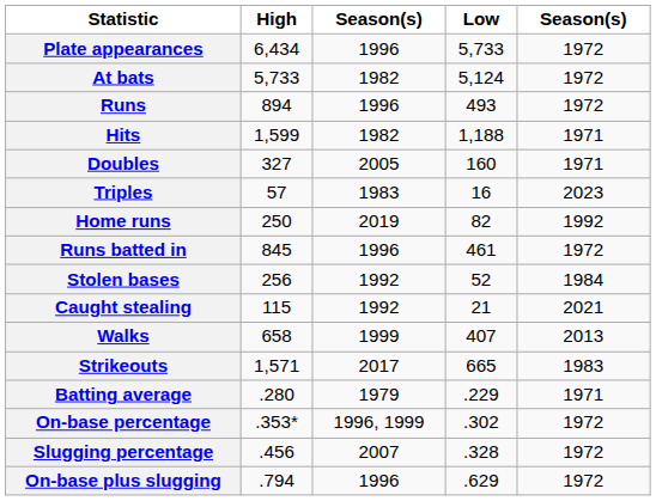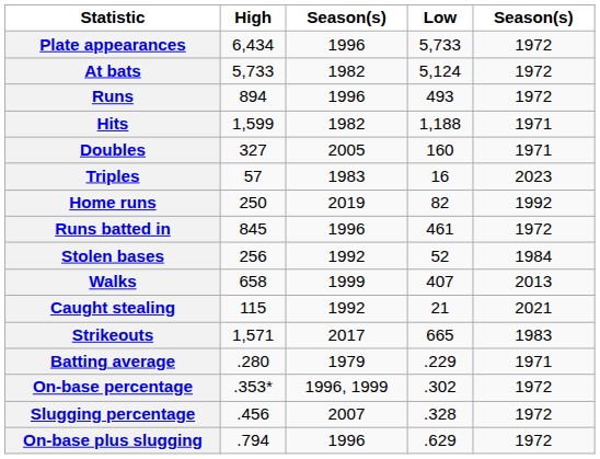 <table class="wikitable sortable plainrowheaders" style="text-align:center">
 <tr>
 <th width="200px" scope="col" style="background-color:#ffffff; border-top:#">Statistic</th>
 <th width="55px" class="unsortable" scope="col" style="background-color:#ffffff; border-top:#">High</th>
 <th width="110px" scope="col" style="background-color:#ffffff; border-top:#">Season(s)</th>
 <th width="55px" class="unsortable" scope="col" style="background-color:#ffffff; border-top:#">Low</th>
 <th width="110px" scope="col" style="background-color:#ffffff; border-top:#">Season(s)</th>
 </tr>
 <tr>
 <th scope="row" style="text-align:center"><a href='#'>Plate appearances</a></th>
 <td>6,434</td>
 <td>1996</td>
 <td>5,733</td>
 <td>1972</td>
 </tr>
 <tr>
 <th scope="row" style="text-align:center"><a href='#'>At bats</a></th>
 <td>5,733</td>
 <td>1982</td>
 <td>5,124</td>
 <td>1972</td>
 </tr>
 <tr>
 <th scope="row" style="text-align:center"><a href='#'>Runs</a></th>
 <td>894</td>
 <td>1996</td>
 <td>493</td>
 <td>1972</td>
 </tr>
 <tr>
 <th scope="row" style="text-align:center"><a href='#'>Hits</a></th>
 <td>1,599</td>
 <td>1982</td>
 <td>1,188</td>
 <td>1971</td>
 </tr>
 <tr>
 <th scope="row" style="text-align:center"><a href='#'>Doubles</a></th>
 <td>327</td>
 <td>2005</td>
 <td>160</td>
 <td>1971</td>
 </tr>
 <tr>
 <th scope="row" style="text-align:center"><a href='#'>Triples</a></th>
 <td>57</td>
 <td>1983</td>
 <td>16</td>
 <td>2023</td>
 </tr>
 <tr>
 <th scope="row" style="text-align:center"><a href='#'>Home runs</a></th>
 <td>250</td>
 <td>2019</td>
 <td>82</td>
 <td>1992</td>
 </tr>
 <tr>
 <th scope="row" style="text-align:center"><a href='#'>Runs batted in</a></th>
 <td>845</td>
 <td>1996</td>
 <td>461</td>
 <td>1972</td>
 </tr>
 <tr>
 <th scope="row" style="text-align:center"><a href='#'>Stolen bases</a></th>
 <td>256</td>
 <td>1992</td>
 <td>52</td>
 <td>1984</td>
 </tr>
 <tr>
+<th scope="row" style="text-align:center"><a href='#'>Walks</a></th>
+<td>658</td>
+<td>1999</td>
+<td>407</td>
+<td>2013</td>
+</tr>
+<tr>
 <th scope="row" style="text-align:center"><a href='#'>Caught stealing</a></th>
 <td>115</td>
 <td>1992</td>
 <td>21</td>
 <td>2021</td>
-</tr>
-<tr>
-<th scope="row" style="text-align:center"><a href='#'>Walks</a></th>
-<td>658</td>
-<td>1999</td>
-<td>407</td>
-<td>2013</td>
 </tr>
 <tr>
 <th scope="row" style="text-align:center"><a href='#'>Strikeouts</a></th>
 <td>1,571</td>
 <td>2017</td>
 <td>665</td>
 <td>1983</td>
 </tr>
 <tr>
 <th scope="row" style="text-align:center"><a href='#'>Batting average</a></th>
 <td>.280</td>
 <td>1979</td>
 <td>.229</td>
 <td>1971</td>
 </tr>
 <tr>
 <th scope="row" style="text-align:center"><a href='#'>On-base percentage</a></th>
 <td>.353*</td>
 <td>1996, 1999</td>
 <td>.302</td>
 <td>1972</td>
 </tr>
 <tr>
 <th scope="row" style="text-align:center"><a href='#'>Slugging percentage</a></th>
 <td>.456</td>
 <td>2007</td>
 <td>.328</td>
 <td>1972</td>
 </tr>
 <tr>
 <th scope="row" style="text-align:center"><a href='#'>On-base plus slugging</a></th>
 <td>.794</td>
 <td>1996</td>
 <td>.629</td>
 <td>1972</td>
 </tr>
 </table>
